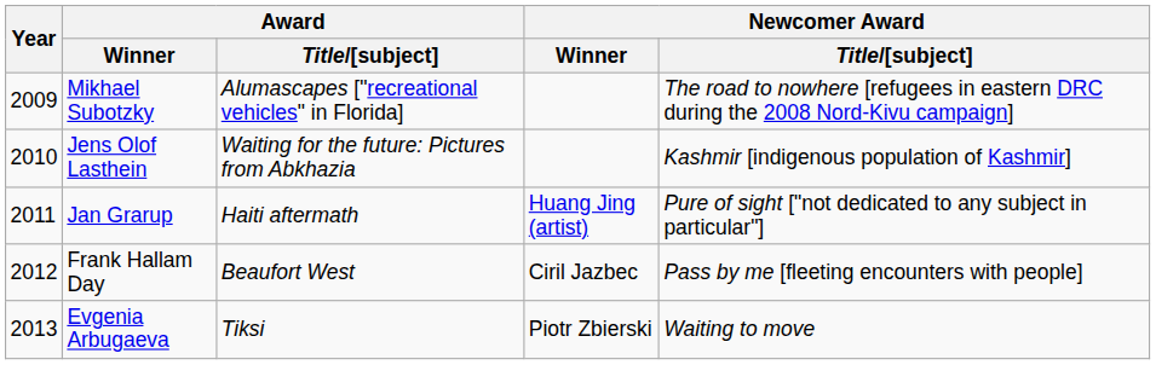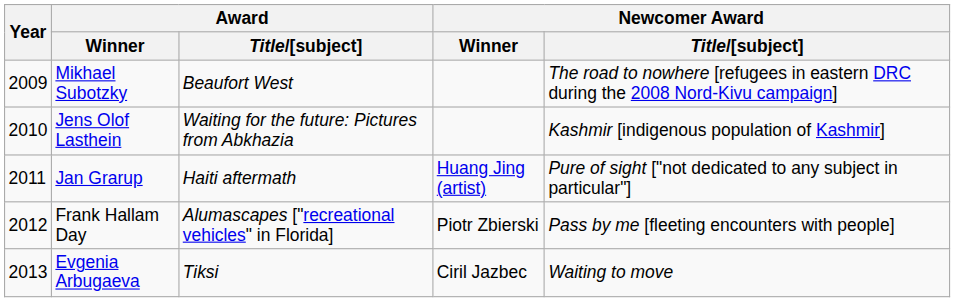 <table class="wikitable">
 <tr>
 <th rowspan="2">Year</th>
 <th colspan="2">Award</th>
 <th colspan="2">Newcomer Award</th>
 </tr>
 <tr>
 <th>Winner</th>
 <th><em>Title</em>/[subject]</th>
 <th>Winner</th>
 <th><em>Title</em>/[subject]</th>
 </tr>
 <tr>
 <td>2009</td>
 <td><a href='#'>Mikhael Subotzky</a></td>
-<td><em>Alumascapes</em> ["<a href='#'>recreational vehicles</a>" in Florida]</td>
+<td><em>Beaufort West</em> </td>
 <td></td>
 <td><em>The road to nowhere</em> [refugees in eastern <a href='#'>DRC</a> during the <a href='#'>2008 Nord-Kivu campaign</a>]</td>
 </tr>
 <tr>
 <td>2010</td>
 <td><a href='#'>Jens Olof Lasthein</a></td>
 <td><em>Waiting for the future: Pictures from Abkhazia</em></td>
 <td></td>
 <td><em>Kashmir</em> [indigenous population of <a href='#'>Kashmir</a>]</td>
 </tr>
 <tr>
 <td>2011</td>
 <td><a href='#'>Jan Grarup</a></td>
 <td><em>Haiti aftermath</em></td>
 <td><a href='#'>Huang Jing (artist)</a></td>
 <td><em>Pure of sight</em> ["not dedicated to any subject in particular"]</td>
 </tr>
 <tr>
 <td>2012</td>
 <td>Frank Hallam Day</td>
-<td><em>Beaufort West</em> </td>
-<td>Ciril Jazbec</td>
+<td><em>Alumascapes</em> ["<a href='#'>recreational vehicles</a>" in Florida]</td>
+<td>Piotr Zbierski</td>
 <td><em>Pass by me</em> [fleeting encounters with people]</td>
 </tr>
 <tr>
 <td>2013</td>
 <td><a href='#'>Evgenia Arbugaeva</a></td>
 <td><em>Tiksi</em> </td>
-<td>Piotr Zbierski</td>
+<td>Ciril Jazbec</td>
 <td><em>Waiting to move</em> </td>
 </tr>
 </table>
